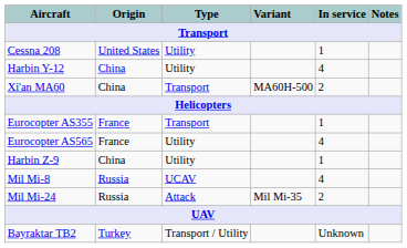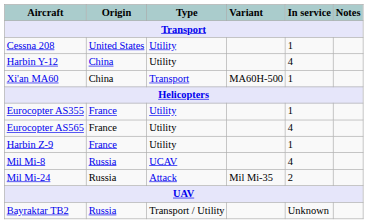 <table class="wikitable">
 <tr>
 <th style="text-align:center; background:#acc;">Aircraft</th>
 <th style="text-align: center; background:#acc;">Origin</th>
 <th style="text-align:l center; background:#acc;">Type</th>
 <th style="text-align:left; background:#acc;">Variant</th>
 <th style="text-align:center; background:#acc;">In service</th>
 <th style="text-align: center; background:#acc;">Notes</th>
 </tr>
 <tr>
 <th style="align: center; background: lavender;" colspan="7"><a href='#'>Transport</a></th>
 </tr>
 <tr>
 <td><a href='#'>Cessna 208</a></td>
 <td><a href='#'>United States</a></td>
 <td><a href='#'>Utility</a></td>
 <td></td>
 <td>1</td>
 <td></td>
 </tr>
 <tr>
 <td><a href='#'>Harbin Y-12</a></td>
 <td><a href='#'>China</a></td>
 <td>Utility</td>
 <td></td>
 <td>4</td>
 <td></td>
 </tr>
 <tr>
 <td><a href='#'>Xi'an MA60</a></td>
 <td>China</td>
 <td><a href='#'>Transport</a></td>
 <td>MA60H-500</td>
-<td>2</td>
+<td>1</td>
 <td></td>
 </tr>
 <tr>
 <th colspan="7" style="align: center; background: lavender;"><a href='#'>Helicopters</a></th>
 </tr>
 <tr>
 <td><a href='#'>Eurocopter AS355</a></td>
 <td><a href='#'>France</a></td>
-<td><a href='#'>Transport</a></td>
+<td><a href='#'>Utility</a></td>
 <td></td>
 <td>1</td>
 <td></td>
 </tr>
 <tr>
 <td><a href='#'>Eurocopter AS565</a></td>
 <td>France</td>
 <td>Utility</td>
 <td></td>
 <td>4</td>
 <td></td>
 </tr>
 <tr>
 <td><a href='#'>Harbin Z-9</a></td>
-<td>China</td>
+<td><a href='#'>France</a></td>
 <td>Utility</td>
 <td></td>
 <td>1</td>
 <td></td>
 </tr>
 <tr>
 <td><a href='#'>Mil Mi-8</a></td>
 <td><a href='#'>Russia</a></td>
 <td><a href='#'>UCAV</a></td>
 <td></td>
 <td>4</td>
 <td></td>
 </tr>
 <tr>
 <td><a href='#'>Mil Mi-24</a></td>
 <td>Russia</td>
 <td><a href='#'>Attack</a></td>
 <td>Mil Mi-35</td>
 <td>2</td>
 <td></td>
 </tr>
 <tr>
 <th colspan="7" style="align: center; background: lavender;"><a href='#'>UAV</a></th>
 </tr>
 <tr>
 <td><a href='#'>Bayraktar TB2</a></td>
-<td><a href='#'>Turkey</a></td>
+<td><a href='#'>Russia</a></td>
 <td>Transport / Utility</td>
 <td></td>
 <td>Unknown</td>
 <td></td>
 </tr>
 </table>
